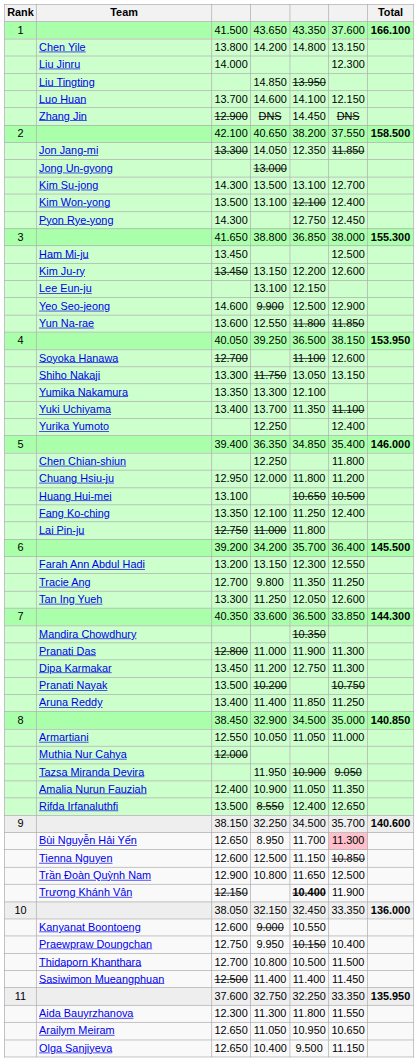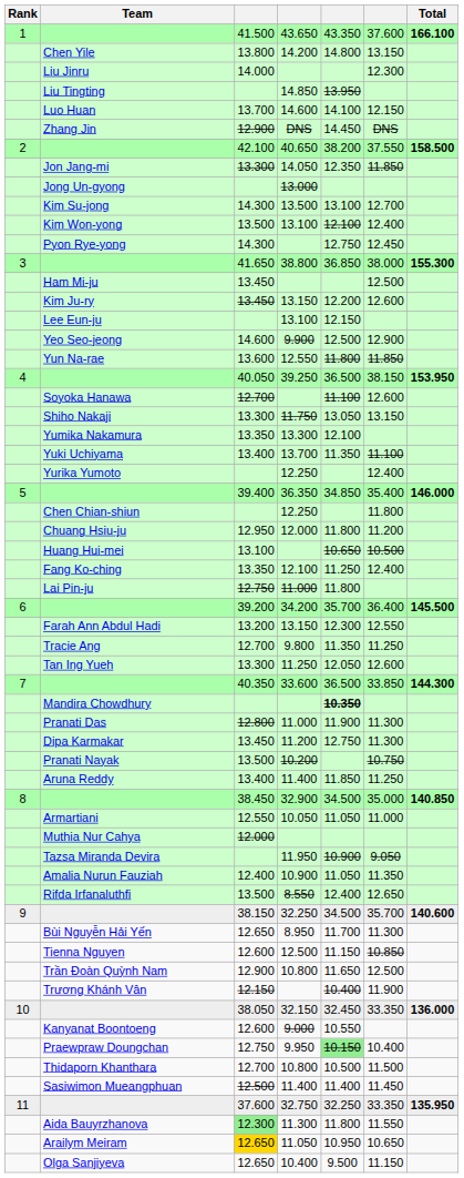 <table class=wikitable style="text-align:center">
 <tr>
 <th width=40>Rank</th>
 <th width=250>Team</th>
 <th width=50></th>
 <th width=50></th>
 <th width=50></th>
 <th width=50></th>
 <th width=60>Total</th>
 </tr>
 <tr bgcolor="aaffaa">
 <td>1</td>
 <td align=left></td>
 <td>41.500</td>
 <td>43.650</td>
 <td>43.350</td>
 <td>37.600</td>
 <td><strong>166.100</strong></td>
 </tr>
 <tr bgcolor="ccffcc">
 <td></td>
 <td align=left><a href='#'>Chen Yile</a></td>
 <td>13.800</td>
 <td>14.200</td>
 <td>14.800</td>
 <td>13.150</td>
 <td></td>
 </tr>
 <tr bgcolor="ccffcc">
 <td></td>
 <td align=left><a href='#'>Liu Jinru</a></td>
 <td>14.000</td>
 <td></td>
 <td></td>
 <td>12.300</td>
 <td></td>
 </tr>
 <tr bgcolor="ccffcc">
 <td></td>
 <td align=left><a href='#'>Liu Tingting</a></td>
 <td></td>
 <td>14.850</td>
 <td><s>13.950</s></td>
 <td></td>
 <td></td>
 </tr>
 <tr bgcolor="ccffcc">
 <td></td>
 <td align=left><a href='#'>Luo Huan</a></td>
 <td>13.700</td>
 <td>14.600</td>
 <td>14.100</td>
 <td>12.150</td>
 <td></td>
 </tr>
 <tr bgcolor="ccffcc">
 <td></td>
 <td align=left><a href='#'>Zhang Jin</a></td>
 <td><s>12.900</s></td>
 <td><s>DNS</s></td>
 <td>14.450</td>
 <td><s>DNS</s></td>
 <td></td>
 </tr>
 <tr bgcolor="aaffaa">
 <td>2</td>
 <td align=left></td>
 <td>42.100</td>
 <td>40.650</td>
 <td>38.200</td>
 <td>37.550</td>
 <td><strong>158.500</strong></td>
 </tr>
 <tr bgcolor="ccffcc">
 <td></td>
 <td align=left><a href='#'>Jon Jang-mi</a></td>
 <td><s>13.300</s></td>
 <td>14.050</td>
 <td>12.350</td>
 <td><s>11.850</s></td>
 <td></td>
 </tr>
 <tr bgcolor="ccffcc">
 <td></td>
 <td align=left><a href='#'>Jong Un-gyong</a></td>
 <td></td>
 <td><s>13.000</s></td>
 <td></td>
 <td></td>
 <td></td>
 </tr>
 <tr bgcolor="ccffcc">
 <td></td>
 <td align=left><a href='#'>Kim Su-jong</a></td>
 <td>14.300</td>
 <td>13.500</td>
 <td>13.100</td>
 <td>12.700</td>
 <td></td>
 </tr>
 <tr bgcolor="ccffcc">
 <td></td>
 <td align=left><a href='#'>Kim Won-yong</a></td>
 <td>13.500</td>
 <td>13.100</td>
 <td><s>12.100</s></td>
 <td>12.400</td>
 <td></td>
 </tr>
 <tr bgcolor="ccffcc">
 <td></td>
 <td align=left><a href='#'>Pyon Rye-yong</a></td>
 <td>14.300</td>
 <td></td>
 <td>12.750</td>
 <td>12.450</td>
 <td></td>
 </tr>
 <tr bgcolor="aaffaa">
 <td>3</td>
 <td align=left></td>
 <td>41.650</td>
 <td>38.800</td>
 <td>36.850</td>
 <td>38.000</td>
 <td><strong>155.300</strong></td>
 </tr>
 <tr bgcolor="ccffcc">
 <td></td>
 <td align=left><a href='#'>Ham Mi-ju</a></td>
 <td>13.450</td>
 <td></td>
 <td></td>
 <td>12.500</td>
 <td></td>
 </tr>
 <tr bgcolor="ccffcc">
 <td></td>
 <td align=left><a href='#'>Kim Ju-ry</a></td>
 <td><s>13.450</s></td>
 <td>13.150</td>
 <td>12.200</td>
 <td>12.600</td>
 <td></td>
 </tr>
 <tr bgcolor="ccffcc">
 <td></td>
 <td align=left><a href='#'>Lee Eun-ju</a></td>
 <td></td>
 <td>13.100</td>
 <td>12.150</td>
 <td></td>
 <td></td>
 </tr>
 <tr bgcolor="ccffcc">
 <td></td>
 <td align=left><a href='#'>Yeo Seo-jeong</a></td>
 <td>14.600</td>
 <td><s>9.900</s></td>
 <td>12.500</td>
 <td>12.900</td>
 <td></td>
 </tr>
 <tr bgcolor="ccffcc">
 <td></td>
 <td align=left><a href='#'>Yun Na-rae</a></td>
 <td>13.600</td>
 <td>12.550</td>
 <td><s>11.800</s></td>
 <td><s>11.850</s></td>
 <td></td>
 </tr>
 <tr bgcolor="aaffaa">
 <td>4</td>
 <td align=left></td>
 <td>40.050</td>
 <td>39.250</td>
 <td>36.500</td>
 <td>38.150</td>
 <td><strong>153.950</strong></td>
 </tr>
 <tr bgcolor="ccffcc">
 <td></td>
 <td align=left><a href='#'>Soyoka Hanawa</a></td>
 <td><s>12.700</s></td>
 <td></td>
 <td><s>11.100</s></td>
 <td>12.600</td>
 <td></td>
 </tr>
 <tr bgcolor="ccffcc">
 <td></td>
 <td align=left><a href='#'>Shiho Nakaji</a></td>
 <td>13.300</td>
 <td><s>11.750</s></td>
 <td>13.050</td>
 <td>13.150</td>
 <td></td>
 </tr>
 <tr bgcolor="ccffcc">
 <td></td>
 <td align=left><a href='#'>Yumika Nakamura</a></td>
 <td>13.350</td>
 <td>13.300</td>
 <td>12.100</td>
 <td></td>
 <td></td>
 </tr>
 <tr bgcolor="ccffcc">
 <td></td>
 <td align=left><a href='#'>Yuki Uchiyama</a></td>
 <td>13.400</td>
 <td>13.700</td>
 <td>11.350</td>
 <td><s>11.100</s></td>
 <td></td>
 </tr>
 <tr bgcolor="ccffcc">
 <td></td>
 <td align=left><a href='#'>Yurika Yumoto</a></td>
 <td></td>
 <td>12.250</td>
 <td></td>
 <td>12.400</td>
 <td></td>
 </tr>
 <tr bgcolor="aaffaa">
 <td>5</td>
 <td align=left></td>
 <td>39.400</td>
 <td>36.350</td>
 <td>34.850</td>
 <td>35.400</td>
 <td><strong>146.000</strong></td>
 </tr>
 <tr bgcolor="ccffcc">
 <td></td>
 <td align=left><a href='#'>Chen Chian-shiun</a></td>
 <td></td>
 <td>12.250</td>
 <td></td>
 <td>11.800</td>
 <td></td>
 </tr>
 <tr bgcolor="ccffcc">
 <td></td>
 <td align=left><a href='#'>Chuang Hsiu-ju</a></td>
 <td>12.950</td>
 <td>12.000</td>
 <td>11.800</td>
 <td>11.200</td>
 <td></td>
 </tr>
 <tr bgcolor="ccffcc">
 <td></td>
 <td align=left><a href='#'>Huang Hui-mei</a></td>
 <td>13.100</td>
 <td></td>
 <td><s>10.650</s></td>
 <td><s>10.500</s></td>
 <td></td>
 </tr>
 <tr bgcolor="ccffcc">
 <td></td>
 <td align=left><a href='#'>Fang Ko-ching</a></td>
 <td>13.350</td>
 <td>12.100</td>
 <td>11.250</td>
 <td>12.400</td>
 <td></td>
 </tr>
 <tr bgcolor="ccffcc">
 <td></td>
 <td align=left><a href='#'>Lai Pin-ju</a></td>
 <td><s>12.750</s></td>
 <td><s>11.000</s></td>
 <td>11.800</td>
 <td></td>
 <td></td>
 </tr>
 <tr bgcolor="aaffaa">
 <td>6</td>
 <td align=left></td>
 <td>39.200</td>
 <td>34.200</td>
 <td>35.700</td>
 <td>36.400</td>
 <td><strong>145.500</strong></td>
 </tr>
 <tr bgcolor="ccffcc">
 <td></td>
 <td align=left><a href='#'>Farah Ann Abdul Hadi</a></td>
 <td>13.200</td>
 <td>13.150</td>
 <td>12.300</td>
 <td>12.550</td>
 <td></td>
 </tr>
 <tr bgcolor="ccffcc">
 <td></td>
 <td align=left><a href='#'>Tracie Ang</a></td>
 <td>12.700</td>
 <td>9.800</td>
 <td>11.350</td>
 <td>11.250</td>
 <td></td>
 </tr>
 <tr bgcolor="ccffcc">
 <td></td>
 <td align=left><a href='#'>Tan Ing Yueh</a></td>
 <td>13.300</td>
 <td>11.250</td>
 <td>12.050</td>
 <td>12.600</td>
 <td></td>
 </tr>
 <tr bgcolor="aaffaa">
 <td>7</td>
 <td align=left></td>
 <td>40.350</td>
 <td>33.600</td>
 <td>36.500</td>
 <td>33.850</td>
 <td><strong>144.300</strong></td>
 </tr>
 <tr bgcolor="ccffcc">
 <td></td>
 <td align=left><a href='#'>Mandira Chowdhury</a></td>
 <td></td>
 <td></td>
-<td><s>10.350</s></td>
+<td><strong><s>10.350</s></strong></td>
 <td></td>
 <td></td>
 </tr>
 <tr bgcolor="ccffcc">
 <td></td>
 <td align=left><a href='#'>Pranati Das</a></td>
 <td><s>12.800</s></td>
 <td>11.000</td>
 <td>11.900</td>
 <td>11.300</td>
 <td></td>
 </tr>
 <tr bgcolor="ccffcc">
 <td></td>
 <td align=left><a href='#'>Dipa Karmakar</a></td>
 <td>13.450</td>
 <td>11.200</td>
 <td>12.750</td>
 <td>11.300</td>
 <td></td>
 </tr>
 <tr bgcolor="ccffcc">
 <td></td>
 <td align=left><a href='#'>Pranati Nayak</a></td>
 <td>13.500</td>
 <td><s>10.200</s></td>
 <td></td>
 <td><s>10.750</s></td>
 <td></td>
 </tr>
 <tr bgcolor="ccffcc">
 <td></td>
 <td align=left><a href='#'>Aruna Reddy</a></td>
 <td>13.400</td>
 <td>11.400</td>
 <td>11.850</td>
 <td>11.250</td>
 <td></td>
 </tr>
 <tr bgcolor="aaffaa">
 <td>8</td>
 <td align=left></td>
 <td>38.450</td>
 <td>32.900</td>
 <td>34.500</td>
 <td>35.000</td>
 <td><strong>140.850</strong></td>
 </tr>
 <tr bgcolor="ccffcc">
 <td></td>
 <td align=left><a href='#'>Armartiani</a></td>
 <td>12.550</td>
 <td>10.050</td>
 <td>11.050</td>
 <td>11.000</td>
 <td></td>
 </tr>
 <tr bgcolor="ccffcc">
 <td></td>
 <td align=left><a href='#'>Muthia Nur Cahya</a></td>
 <td><s>12.000</s></td>
 <td></td>
 <td></td>
 <td></td>
 <td></td>
 </tr>
 <tr bgcolor="ccffcc">
 <td></td>
 <td align=left><a href='#'>Tazsa Miranda Devira</a></td>
 <td></td>
 <td>11.950</td>
 <td><s>10.900</s></td>
 <td><s>9.050</s></td>
 <td></td>
 </tr>
 <tr bgcolor="ccffcc">
 <td></td>
 <td align=left><a href='#'>Amalia Nurun Fauziah</a></td>
 <td>12.400</td>
 <td>10.900</td>
 <td>11.050</td>
 <td>11.350</td>
 <td></td>
 </tr>
 <tr bgcolor="ccffcc">
 <td></td>
 <td align=left><a href='#'>Rifda Irfanaluthfi</a></td>
 <td>13.500</td>
 <td><s>8.550</s></td>
 <td>12.400</td>
 <td>12.650</td>
 <td></td>
 </tr>
 <tr bgcolor=eeeeee>
 <td>9</td>
 <td align=left></td>
 <td>38.150</td>
 <td>32.250</td>
 <td>34.500</td>
 <td>35.700</td>
 <td><strong>140.600</strong></td>
 </tr>
 <tr>
 <td></td>
 <td align=left><a href='#'>Bùi Nguyễn Hải Yến</a></td>
 <td>12.650</td>
 <td>8.950</td>
 <td>11.700</td>
-<td style="background: pink;">11.300</td>
+<td>11.300</td>
 <td></td>
 </tr>
 <tr>
 <td></td>
 <td align=left><a href='#'>Tienna Nguyen</a></td>
 <td>12.600</td>
 <td>12.500</td>
 <td>11.150</td>
 <td><s>10.850</s></td>
 <td></td>
 </tr>
 <tr>
 <td></td>
 <td align=left><a href='#'>Trần Đoàn Quỳnh Nam</a></td>
 <td>12.900</td>
 <td>10.800</td>
 <td>11.650</td>
 <td>12.500</td>
 <td></td>
 </tr>
 <tr>
 <td></td>
 <td align=left><a href='#'>Trương Khánh Vân</a></td>
 <td><s>12.150</s></td>
 <td></td>
-<td><strong><s>10.400</s></strong></td>
+<td><s>10.400</s></td>
 <td>11.900</td>
 <td></td>
 </tr>
 <tr bgcolor=eeeeee>
 <td>10</td>
 <td align=left></td>
 <td>38.050</td>
 <td>32.150</td>
 <td>32.450</td>
 <td>33.350</td>
 <td><strong>136.000</strong></td>
 </tr>
 <tr>
 <td></td>
 <td align=left><a href='#'>Kanyanat Boontoeng</a></td>
 <td>12.600</td>
 <td><s>9.000</s></td>
 <td>10.550</td>
 <td></td>
 <td></td>
 </tr>
 <tr>
 <td></td>
 <td align=left><a href='#'>Praewpraw Doungchan</a></td>
 <td>12.750</td>
 <td>9.950</td>
-<td><s>10.150</s></td>
+<td style="background: lightgreen;"><s>10.150</s></td>
 <td>10.400</td>
 <td></td>
 </tr>
 <tr>
 <td></td>
 <td align=left><a href='#'>Thidaporn Khanthara</a></td>
 <td>12.700</td>
 <td>10.800</td>
 <td>10.500</td>
 <td>11.500</td>
 <td></td>
 </tr>
 <tr>
 <td></td>
 <td align=left><a href='#'>Sasiwimon Mueangphuan</a></td>
 <td><s>12.500</s></td>
 <td>11.400</td>
 <td>11.400</td>
 <td>11.450</td>
 <td></td>
 </tr>
 <tr bgcolor=eeeeee>
 <td>11</td>
 <td align=left></td>
 <td>37.600</td>
 <td>32.750</td>
 <td>32.250</td>
 <td>33.350</td>
 <td><strong>135.950</strong></td>
 </tr>
 <tr>
 <td></td>
 <td align=left><a href='#'>Aida Bauyrzhanova</a></td>
-<td>12.300</td>
+<td style="background: lightgreen;">12.300</td>
 <td>11.300</td>
 <td>11.800</td>
 <td>11.550</td>
 <td></td>
 </tr>
 <tr>
 <td></td>
 <td align=left><a href='#'>Arailym Meiram</a></td>
-<td>12.650</td>
+<td style="background: gold;">12.650</td>
 <td>11.050</td>
 <td>10.950</td>
 <td>10.650</td>
 <td></td>
 </tr>
 <tr>
 <td></td>
 <td align=left><a href='#'>Olga Sanjiyeva</a></td>
 <td>12.650</td>
 <td>10.400</td>
 <td>9.500</td>
 <td>11.150</td>
 <td></td>
 </tr>
 </table>
